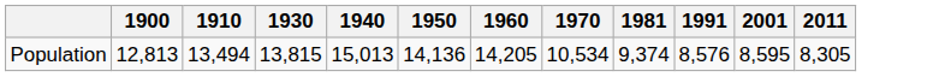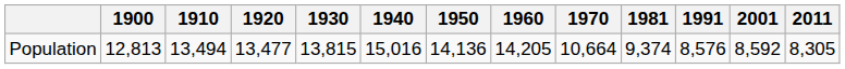 <table class="wikitable">
 <tr>
 <th></th>
 <th>1900</th>
 <th>1910</th>
+<th>1920</th>
 <th>1930</th>
 <th>1940</th>
 <th>1950</th>
 <th>1960</th>
 <th>1970</th>
 <th>1981</th>
 <th>1991</th>
 <th>2001</th>
 <th>2011</th>
 </tr>
 <tr>
 <td>Population</td>
 <td>12,813</td>
 <td>13,494</td>
+<td>13,477</td>
 <td>13,815</td>
-<td>15,013</td>
+<td>15,016</td>
 <td>14,136</td>
 <td>14,205</td>
-<td>10,534</td>
+<td>10,664</td>
 <td>9,374</td>
 <td>8,576</td>
-<td>8,595</td>
+<td>8,592</td>
 <td>8,305</td>
 </tr>
 </table>
